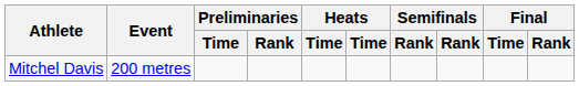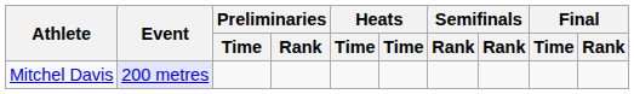 <table class=wikitable style="font-size:90%;">
 <tr>
 <th rowspan="2">Athlete</th>
 <th rowspan="2">Event</th>
 <th colspan="2">Preliminaries</th>
 <th colspan="2">Heats</th>
 <th colspan="2">Semifinals</th>
 <th colspan="2">Final</th>
 </tr>
 <tr>
 <th>Time</th>
 <th>Rank</th>
 <th>Time</th>
 <th>Time</th>
 <th>Rank</th>
 <th>Rank</th>
 <th>Time</th>
 <th>Rank</th>
 </tr>
 <tr style="border-top: single;">
 <td><a href='#'>Mitchel Davis</a></td>
-<td><a href='#'>200 metres</a></td>
+<td style="background: lavender;"><a href='#'>200 metres</a></td>
 <td align=center></td>
 <td align=center></td>
 <td align=center></td>
 <td align=center></td>
 <td align=center></td>
 <td align=center></td>
 <td align=center></td>
 <td align=center></td>
 </tr>
 </table>
